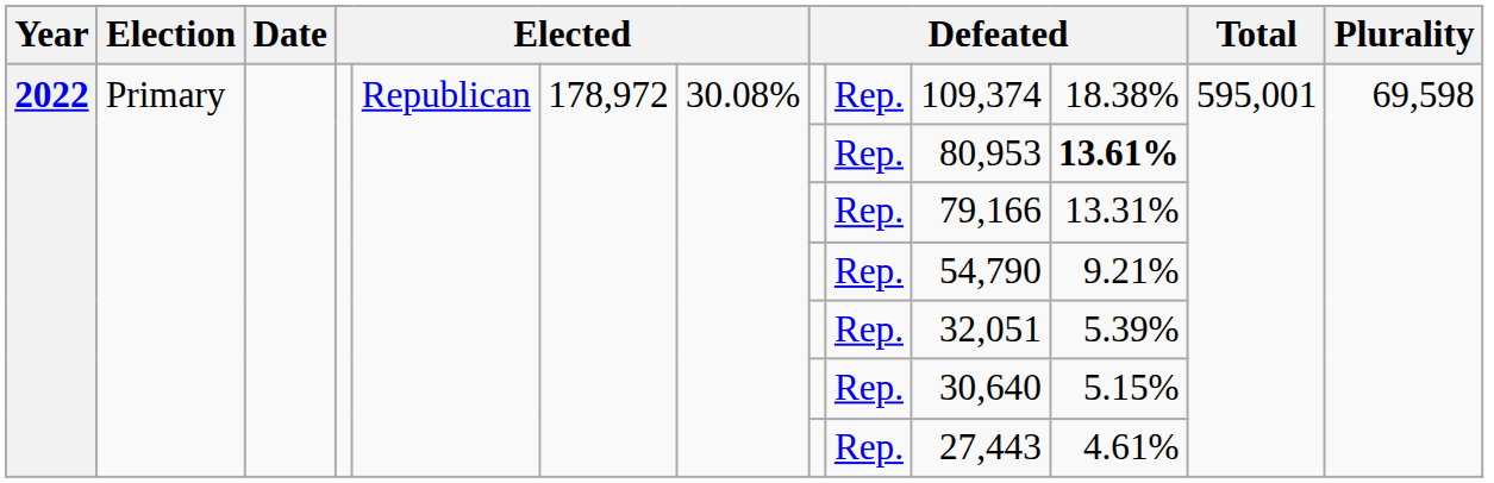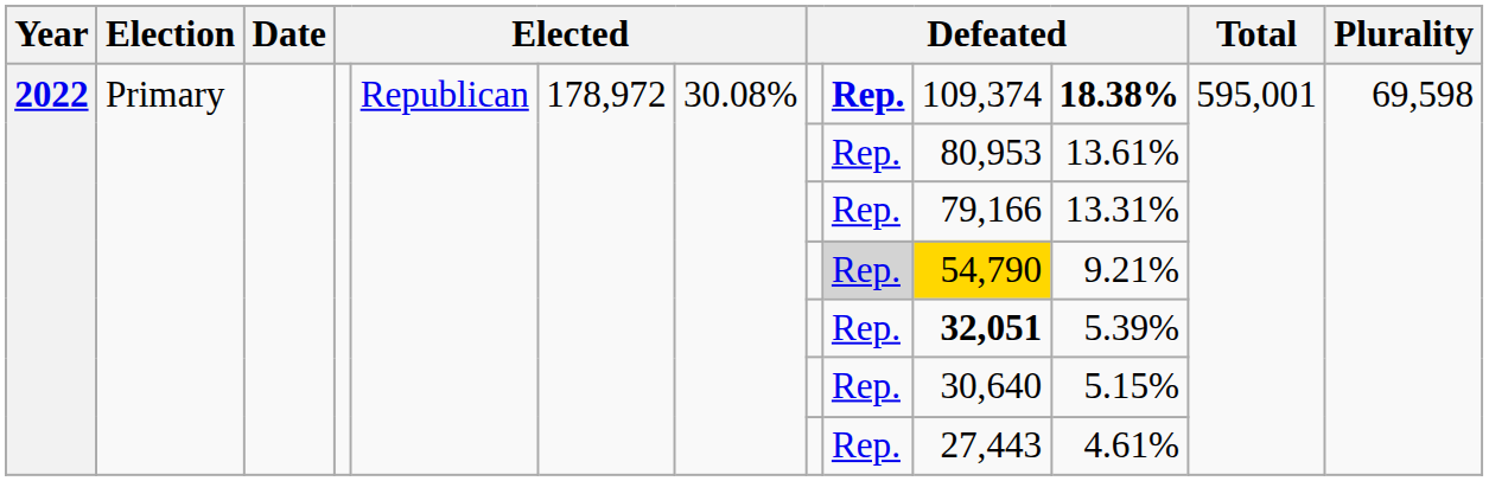 <table class="wikitable">
 <tr>
 <th>Year</th>
 <th>Election</th>
 <th>Date</th>
 <th colspan="4">Elected</th>
 <th colspan="4">Defeated</th>
 <th>Total</th>
 <th>Plurality</th>
 </tr>
 <tr>
 <th rowspan="7" valign="top"><a href='#'>2022</a></th>
 <td rowspan="7" valign="top">Primary</td>
 <td rowspan="7" valign="top"></td>
 <td rowspan="7" valign="top"></td>
 <td rowspan="7" valign="top" ><a href='#'>Republican</a></td>
 <td rowspan="7" align="right" valign="top">178,972</td>
 <td rowspan="7" align="right" valign="top">30.08%</td>
 <td valign="top"></td>
-<td valign="top" ><a href='#'>Rep.</a></td>
+<td valign="top" ><strong><a href='#'>Rep.</a></strong></td>
 <td align="right" valign="top">109,374</td>
-<td align="right" valign="top">18.38%</td>
+<td align="right" valign="top"><strong>18.38%</strong></td>
 <td rowspan="7" align="right" valign="top">595,001</td>
 <td rowspan="7" align="right" valign="top">69,598</td>
 </tr>
 <tr>
 <td valign="top"></td>
 <td valign="top" ><a href='#'>Rep.</a></td>
 <td align="right" valign="top">80,953</td>
-<td align="right" valign="top"><strong>13.61%</strong></td>
+<td align="right" valign="top">13.61%</td>
 </tr>
 <tr>
 <td valign="top"></td>
 <td valign="top" ><a href='#'>Rep.</a></td>
 <td align="right" valign="top">79,166</td>
 <td align="right" valign="top">13.31%</td>
 </tr>
 <tr>
 <td valign="top"></td>
-<td valign="top" ><a href='#'>Rep.</a></td>
-<td align="right" valign="top">54,790</td>
+<td valign="top"  style="background: lightgrey;"><a href='#'>Rep.</a></td>
+<td align="right" valign="top" style="background: gold;">54,790</td>
 <td align="right" valign="top">9.21%</td>
 </tr>
 <tr>
 <td valign="top"></td>
 <td valign="top" ><a href='#'>Rep.</a></td>
-<td align="right" valign="top">32,051</td>
+<td align="right" valign="top"><strong>32,051</strong></td>
 <td align="right" valign="top">5.39%</td>
 </tr>
 <tr>
 <td valign="top"></td>
 <td valign="top" ><a href='#'>Rep.</a></td>
 <td align="right" valign="top">30,640</td>
 <td align="right" valign="top">5.15%</td>
 </tr>
 <tr>
 <td valign="top"></td>
 <td valign="top" ><a href='#'>Rep.</a></td>
 <td align="right" valign="top">27,443</td>
 <td align="right" valign="top">4.61%</td>
 </tr>
 </table>
